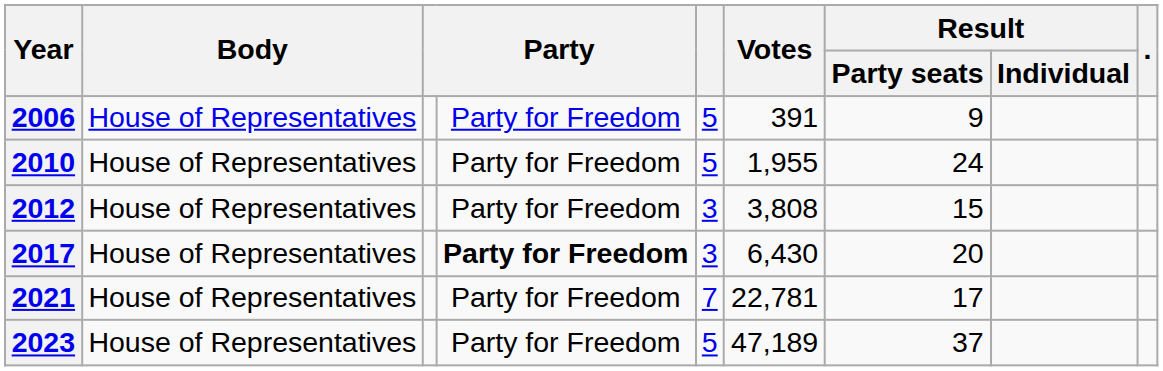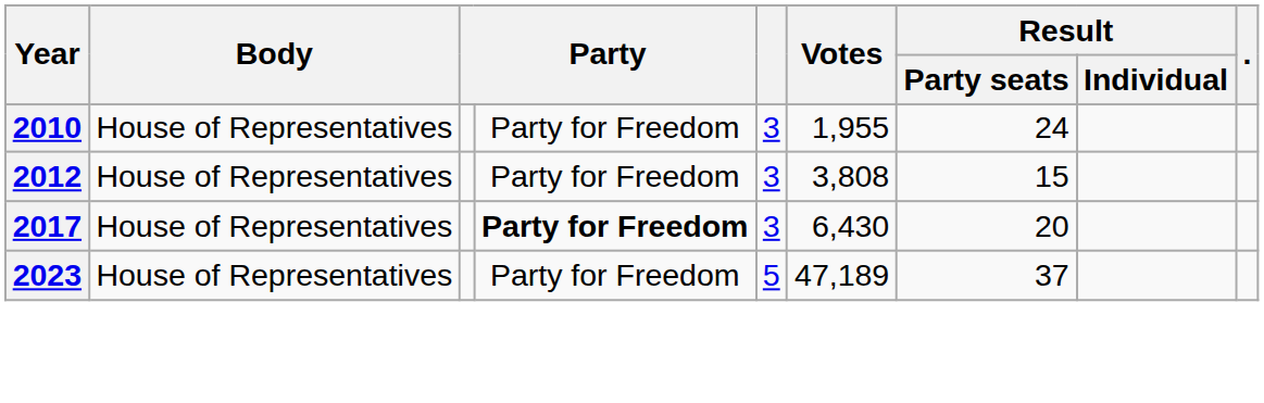 <table class="wikitable plainrowheaders sortable" border=2 cellpadding=4 cellspacing=0 style="border: 1px #aaa solid; font-size: 90%; text-align:center;">
 <tr>
 <th scope="col" rowspan=2>Year</th>
 <th scope="col" rowspan=2>Body</th>
 <th scope="col" colspan=2 rowspan=2>Party</th>
 <th scope="col" rowspan=2></th>
 <th scope="col" rowspan=2>Votes</th>
 <th scope="colgroup" colspan=2>Result</th>
 <th scope="col" rowspan=2 class="unsortable">.</th>
 </tr>
 <tr>
 <th scope="col">Party seats</th>
 <th scope="col">Individual</th>
 </tr>
 <tr>
-<th scope="row"><a href='#'>2006</a></th>
-<td><a href='#'>House of Representatives</a></td>
-<td style="background-color:"></td>
-<td><a href='#'>Party for Freedom</a></td>
-<td style=text-align:right><a href='#'>5</a></td>
-<td style=text-align:right>391</td>
-<td style=text-align:right>9</td>
-<td></td>
-<td></td>
-</tr>
-<tr>
 <th scope="row"><a href='#'>2010</a></th>
 <td>House of Representatives</td>
 <td style="background-color:"></td>
 <td>Party for Freedom</td>
-<td style=text-align:right><a href='#'>5</a></td>
+<td style=text-align:right><a href='#'>3</a></td>
 <td style=text-align:right>1,955</td>
 <td style=text-align:right>24</td>
 <td></td>
 <td></td>
 </tr>
 <tr>
 <th scope="row"><a href='#'>2012</a></th>
 <td>House of Representatives</td>
 <td style="background-color:"></td>
 <td>Party for Freedom</td>
 <td style=text-align:right><a href='#'>3</a></td>
 <td style=text-align:right>3,808</td>
 <td style=text-align:right>15</td>
 <td></td>
 <td></td>
 </tr>
 <tr>
 <th scope="row"><a href='#'>2017</a></th>
 <td>House of Representatives</td>
 <td style="background-color:"></td>
 <td><strong>Party for Freedom</strong></td>
 <td style=text-align:right><a href='#'>3</a></td>
 <td style=text-align:right>6,430</td>
 <td style=text-align:right>20</td>
 <td></td>
 <td></td>
 </tr>
 <tr>
-<th scope="row"><a href='#'>2021</a></th>
-<td>House of Representatives</td>
-<td style="background-color:"></td>
-<td>Party for Freedom</td>
-<td style=text-align:right><a href='#'>7</a></td>
-<td style=text-align:right>22,781</td>
-<td style=text-align:right>17</td>
-<td></td>
-<td></td>
-</tr>
-<tr>
 <th scope="row"><a href='#'>2023</a></th>
 <td>House of Representatives</td>
 <td style="background-color:"></td>
 <td>Party for Freedom</td>
 <td style=text-align:right><a href='#'>5</a></td>
 <td style=text-align:right>47,189</td>
 <td style=text-align:right>37</td>
 <td></td>
 <td></td>
 </tr>
 </table>
